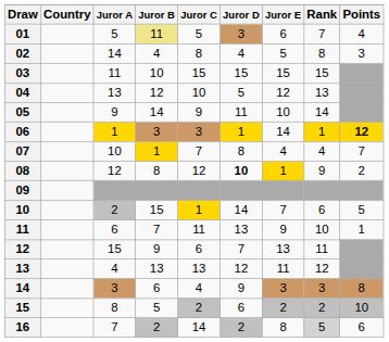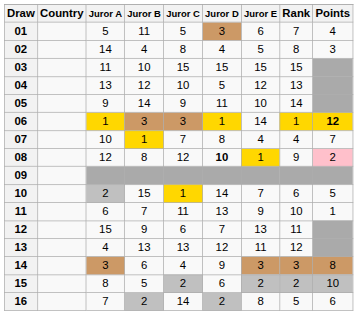 <table class="sortable wikitable collapsible plainrowheaders" style="text-align:center;">
 <tr>
 </tr>
 <tr>
 <th scope="col">Draw</th>
 <th scope="col">Country</th>
 <th scope="col"><small>Juror A</small></th>
 <th scope="col"><small>Juror B</small></th>
 <th scope="col"><small>Juror C</small></th>
 <th scope="col"><small>Juror D</small></th>
 <th scope="col"><small>Juror E</small></th>
 <th scope="col">Rank</th>
 <th scope="col">Points</th>
 </tr>
 <tr>
 <th scope="row" style="text-align:center;">01</th>
 <td style="text-align:left;"></td>
 <td>5</td>
-<td style="background: khaki;">11</td>
+<td>11</td>
 <td>5</td>
 <td style="background:#CC9966;">3</td>
 <td>6</td>
 <td>7</td>
 <td>4</td>
 </tr>
 <tr>
 <th scope="row" style="text-align:center;">02</th>
 <td style="text-align:left;"></td>
 <td>14</td>
 <td>4</td>
 <td>8</td>
 <td>4</td>
 <td>5</td>
 <td>8</td>
 <td>3</td>
 </tr>
 <tr>
 <th scope="row" style="text-align:center;">03</th>
 <td style="text-align:left;"></td>
 <td>11</td>
 <td>10</td>
 <td>15</td>
 <td>15</td>
 <td>15</td>
 <td>15</td>
 <td style="background:#AAAAAA;"></td>
 </tr>
 <tr>
 <th scope="row" style="text-align:center;">04</th>
 <td style="text-align:left;"></td>
 <td>13</td>
 <td>12</td>
 <td>10</td>
 <td>5</td>
 <td>12</td>
 <td>13</td>
 <td style="background:#AAAAAA;"></td>
 </tr>
 <tr>
 <th scope="row" style="text-align:center;">05</th>
 <td style="text-align:left;"></td>
 <td>9</td>
 <td>14</td>
 <td>9</td>
 <td>11</td>
 <td>10</td>
 <td>14</td>
 <td style="background:#AAAAAA;"></td>
 </tr>
 <tr>
 <th scope="row" style="text-align:center;">06</th>
 <td style="text-align:left;"></td>
 <td style="background:gold;">1</td>
 <td style="background:#CC9966;">3</td>
 <td style="background:#CC9966;">3</td>
 <td style="background:gold;">1</td>
 <td>14</td>
 <td style="background:gold;">1</td>
 <td style="background:gold;"><strong>12</strong></td>
 </tr>
 <tr>
 <th scope="row" style="text-align:center;">07</th>
 <td style="text-align:left;"></td>
 <td>10</td>
 <td style="background:gold;">1</td>
 <td>7</td>
 <td>8</td>
 <td>4</td>
 <td>4</td>
 <td>7</td>
 </tr>
 <tr>
 <th scope="row" style="text-align:center;">08</th>
 <td style="text-align:left;"></td>
 <td>12</td>
 <td>8</td>
 <td>12</td>
 <td><strong>10</strong></td>
 <td style="background:gold;">1</td>
 <td>9</td>
-<td>2</td>
+<td style="background: pink;">2</td>
 </tr>
 <tr class="sortbottom">
 <th scope="row" style="text-align:center;">09</th>
 <td style="text-align:left;"></td>
 <td style="background:#AAAAAA;"></td>
 <td style="background:#AAAAAA;"></td>
 <td style="background:#AAAAAA;"></td>
 <td style="background:#AAAAAA;"></td>
 <td style="background:#AAAAAA;"></td>
 <td style="background:#AAAAAA;"></td>
 <td style="background:#AAAAAA;"></td>
 </tr>
 <tr>
 <th scope="row" style="text-align:center;">10</th>
 <td style="text-align:left;"></td>
 <td style="background:silver;">2</td>
 <td>15</td>
 <td style="background:gold;">1</td>
 <td>14</td>
 <td>7</td>
 <td>6</td>
 <td>5</td>
 </tr>
 <tr>
 <th scope="row" style="text-align:center;">11</th>
 <td style="text-align:left;"></td>
 <td>6</td>
 <td>7</td>
 <td>11</td>
 <td>13</td>
 <td>9</td>
 <td>10</td>
 <td>1</td>
 </tr>
 <tr>
 <th scope="row" style="text-align:center;">12</th>
 <td style="text-align:left;"></td>
 <td>15</td>
 <td>9</td>
 <td>6</td>
 <td>7</td>
 <td>13</td>
 <td>11</td>
 <td style="background:#AAAAAA;"></td>
 </tr>
 <tr>
 <th scope="row" style="text-align:center;">13</th>
 <td style="text-align:left;"></td>
 <td>4</td>
 <td>13</td>
 <td>13</td>
 <td>12</td>
 <td>11</td>
 <td>12</td>
 <td style="background:#AAAAAA;"></td>
 </tr>
 <tr>
 <th scope="row" style="text-align:center;">14</th>
 <td style="text-align:left;"></td>
 <td style="background:#CC9966;">3</td>
 <td>6</td>
 <td>4</td>
 <td>9</td>
 <td style="background:#CC9966;">3</td>
 <td style="background:#CC9966;">3</td>
 <td style="background:#CC9966;">8</td>
 </tr>
 <tr>
 <th scope="row" style="text-align:center;">15</th>
 <td style="text-align:left;"></td>
 <td>8</td>
 <td>5</td>
 <td style="background:silver;">2</td>
 <td>6</td>
 <td style="background:silver;">2</td>
 <td style="background:silver;">2</td>
 <td style="background:silver;">10</td>
 </tr>
 <tr>
 <th scope="row" style="text-align:center;">16</th>
 <td style="text-align:left;"></td>
 <td>7</td>
 <td style="background:silver;">2</td>
 <td>14</td>
 <td style="background:silver;">2</td>
 <td>8</td>
-<td style="background: lightgrey;">5</td>
+<td>5</td>
 <td>6</td>
 </tr>
 </table>
